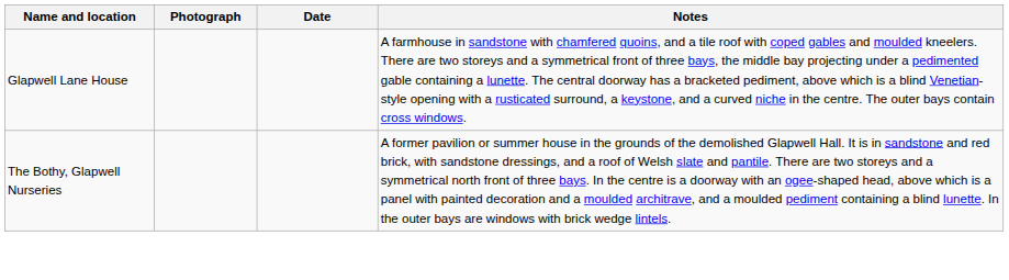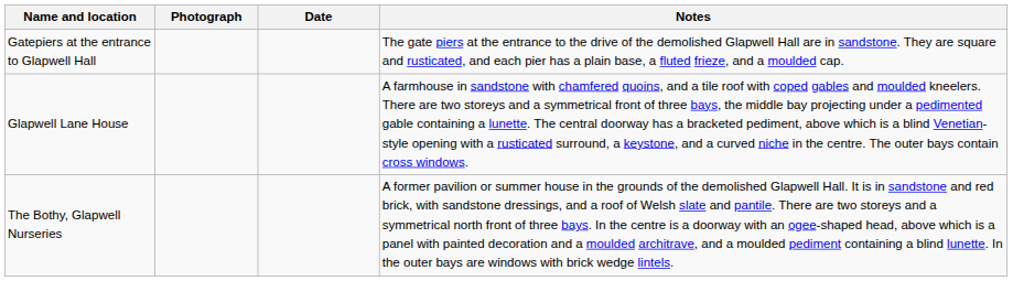 <table class="wikitable sortable plainrowheaders" style="width:100%;border:0px;text-align:left;line-height:150%;">
 <tr>
 <th scope="col"  style="width:150px">Name and location</th>
 <th scope="col"  style="width:100px" class="unsortable">Photograph</th>
 <th scope="col"  style="width:120px">Date</th>
 <th scope="col"  style="width:650px" class="unsortable">Notes</th>
+</tr>
+<tr>
+<td>Gatepiers at the entrance to Glapwell Hall<br><small></small></td>
+<td></td>
+<td align="center"></td>
+<td>The gate <a href='#'>piers</a> at the entrance to the drive of the demolished Glapwell Hall are in <a href='#'>sandstone</a>.  They are square and <a href='#'>rusticated</a>, and each pier has a plain base, a <a href='#'>fluted</a> <a href='#'>frieze</a>, and a <a href='#'>moulded</a> cap.</td>
 </tr>
 <tr>
 <td>Glapwell Lane House<br><small></small></td>
 <td></td>
 <td align="center"></td>
 <td>A farmhouse in <a href='#'>sandstone</a> with <a href='#'>chamfered</a> <a href='#'>quoins</a>, and a tile roof with <a href='#'>coped</a> <a href='#'>gables</a> and <a href='#'>moulded</a> kneelers.  There are two storeys and a symmetrical front of three <a href='#'>bays</a>, the middle bay projecting under a <a href='#'>pedimented</a> gable containing a <a href='#'>lunette</a>.  The central doorway has a bracketed pediment, above which is a blind <a href='#'>Venetian</a>-style opening with a <a href='#'>rusticated</a> surround, a <a href='#'>keystone</a>, and a curved <a href='#'>niche</a> in the centre.  The outer bays contain <a href='#'>cross windows</a>.</td>
 </tr>
 <tr>
 <td>The Bothy, Glapwell Nurseries<br><small></small></td>
 <td></td>
 <td align="center"></td>
 <td>A former pavilion or summer house in the grounds of the demolished Glapwell Hall.  It is in <a href='#'>sandstone</a> and red brick, with sandstone dressings, and a roof of Welsh <a href='#'>slate</a> and <a href='#'>pantile</a>.  There are two storeys and a symmetrical north front of three <a href='#'>bays</a>.  In the centre is a doorway with an <a href='#'>ogee</a>-shaped head, above which is a panel with painted decoration and a <a href='#'>moulded</a> <a href='#'>architrave</a>, and a moulded <a href='#'>pediment</a> containing a blind <a href='#'>lunette</a>.  In the outer bays are windows with brick wedge <a href='#'>lintels</a>.</td>
 </tr>
 <tr>
 </tr>
 </table>
